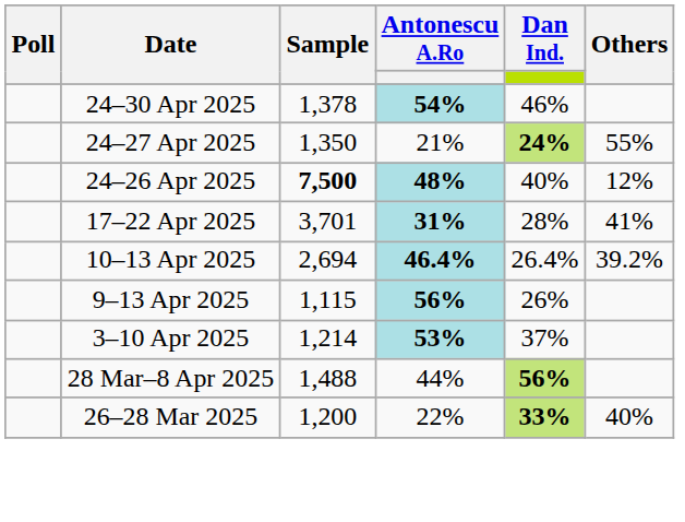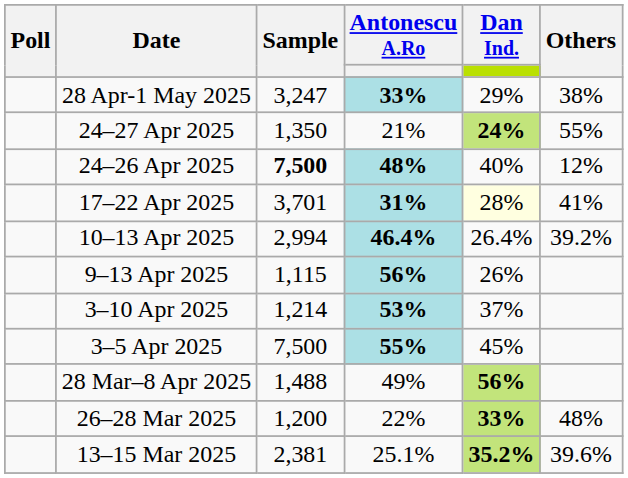 <table class="wikitable sortable" style="text-align:center;font-size:85%;line-height:14px;">
 <tr>
 <th rowspan="2">Poll</th>
 <th rowspan="2">Date</th>
 <th rowspan="2" style="width:35px;">Sample</th>
 <th class="unsortable" style="width:20px;"><a href='#'>Antonescu</a><br><small><a href='#'>A.Ro</a></small></th>
 <th class="unsortable" style="width:20px;"><a href='#'>Dan</a><br><small><a href='#'>Ind.</a></small></th>
 <th rowspan="2">Others</th>
 </tr>
 <tr>
 <th style="background:"></th>
 <th style="background:#BAE002; "></th>
 </tr>
 <tr>
 <td></td>
-<td>24–30 Apr 2025</td>
-<td>1,378</td>
-<td style="background:#ACE0E5"><strong>54%</strong></td>
-<td>46%</td>
-<td></td>
+<td>28 Apr-1 May 2025</td>
+<td>3,247</td>
+<td style="background:#ACE0E5"><strong>33%</strong></td>
+<td>29%</td>
+<td>38%</td>
 </tr>
 <tr>
 <td></td>
 <td>24–27 Apr 2025</td>
 <td>1,350</td>
 <td>21%</td>
 <td style="background:#C2E47B"><strong>24%</strong></td>
 <td>55%</td>
 </tr>
 <tr>
 <td></td>
 <td>24–26 Apr 2025</td>
 <td><strong>7,500</strong></td>
 <td style="background:#ACE0E5"><strong>48%</strong></td>
 <td>40%</td>
 <td>12%</td>
 </tr>
 <tr>
 <td></td>
 <td>17–22 Apr 2025</td>
 <td>3,701</td>
 <td style="background:#ACE0E5"><strong>31%</strong></td>
-<td>28%</td>
+<td style="background: lightyellow;">28%</td>
 <td>41%</td>
 </tr>
 <tr>
 <td></td>
 <td>10–13 Apr 2025</td>
-<td>2,694</td>
+<td>2,994</td>
 <td style="background:#ACE0E5"><strong>46.4%</strong></td>
 <td>26.4%</td>
 <td>39.2%</td>
 </tr>
 <tr>
 <td></td>
 <td>9–13 Apr 2025</td>
 <td>1,115</td>
 <td style="background:#ACE0E5"><strong>56%</strong></td>
 <td>26%</td>
 <td></td>
 </tr>
 <tr>
 <td></td>
 <td>3–10 Apr 2025</td>
 <td>1,214</td>
 <td style="background:#ACE0E5"><strong>53%</strong></td>
 <td>37%</td>
 <td></td>
 </tr>
 <tr>
 <td></td>
+<td>3–5 Apr 2025</td>
+<td>7,500</td>
+<td style="background:#ACE0E5"><strong>55%</strong></td>
+<td>45%</td>
+<td></td>
+</tr>
+<tr>
+<td></td>
 <td>28 Mar–8 Apr 2025</td>
 <td>1,488</td>
-<td>44%</td>
+<td>49%</td>
 <td style="background:#C2E47B"><strong>56%</strong></td>
 <td></td>
 </tr>
 <tr>
 <td></td>
 <td>26–28 Mar 2025</td>
 <td>1,200</td>
 <td>22%</td>
 <td style="background:#C2E47B"><strong>33%</strong></td>
-<td>40%</td>
+<td>48%</td>
+</tr>
+<tr>
+<td></td>
+<td>13–15 Mar 2025</td>
+<td>2,381</td>
+<td>25.1%</td>
+<td style="background:#C2E47B"><strong>35.2%</strong></td>
+<td>39.6%</td>
 </tr>
 </table>
